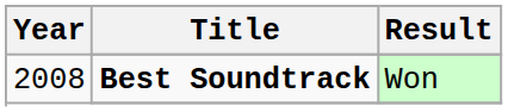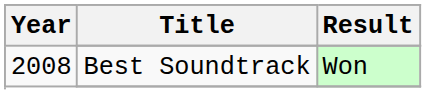 <table class="wikitable">
 <tr>
 <th>Year</th>
 <th>Title</th>
 <th>Result</th>
 </tr>
 <tr>
 <td rowspan="4">2008</td>
 </tr>
 <tr>
-<td><strong>Best Soundtrack</strong></td>
+<td>Best Soundtrack</td>
 <td style="background:#cfc;">Won</td>
 </tr>
 <tr>
 </tr>
 </table>
